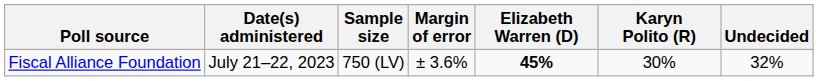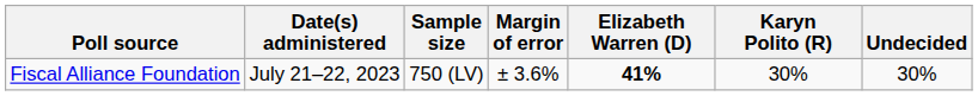 <table class="wikitable" style="font-size:90%;text-align:center;">
 <tr valign=bottom>
 <th>Poll source</th>
 <th>Date(s)<br>administered</th>
 <th>Sample<br>size</th>
 <th>Margin<br>of error</th>
 <th style="width:100px;">Elizabeth<br>Warren (D)</th>
 <th style="width:100px;">Karyn<br>Polito (R)</th>
 <th>Undecided</th>
 </tr>
 <tr>
 <td rowspan=2 style="text-align:left"><a href='#'>Fiscal Alliance Foundation</a></td>
 <td rowspan=2>July 21–22, 2023</td>
 <td rowspan=2>750 (LV)</td>
 <td rowspan=2>± 3.6%</td>
-<td><strong>45%</strong></td>
+<td><strong>41%</strong></td>
 <td>30%</td>
-<td>32%</td>
+<td>30%</td>
 </tr>
 </table>
